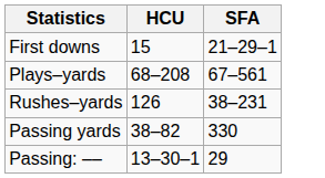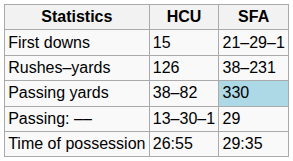 <table class="wikitable" style="float: left;">
 <tr>
 <th>Statistics</th>
 <th>HCU</th>
 <th>SFA</th>
 </tr>
 <tr>
 <td>First downs</td>
 <td>15</td>
 <td>21–29–1</td>
 </tr>
 <tr>
-<td>Plays–yards</td>
-<td>68–208</td>
-<td>67–561</td>
-</tr>
-<tr>
 <td>Rushes–yards</td>
 <td>126</td>
 <td>38–231</td>
 </tr>
 <tr>
 <td>Passing yards</td>
 <td>38–82</td>
-<td>330</td>
+<td style="background: lightblue;">330</td>
 </tr>
 <tr>
 <td>Passing: ––</td>
 <td>13–30–1</td>
 <td>29</td>
 </tr>
 <tr>
+<td>Time of possession</td>
+<td>26:55</td>
+<td>29:35</td>
+</tr>
+<tr>
 </tr>
 </table>
